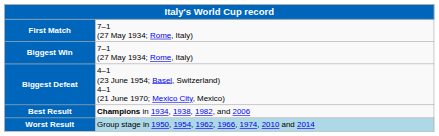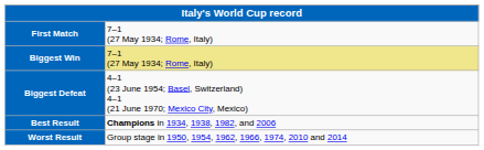 <table class="wikitable collapsible collapsed" style="width:35%; font-size:80%;">
 <tr>
 </tr>
 <tr>
 <th style="background:#0066bc; color:white" colspan="6"><big>Italy's World Cup record</big></th>
 </tr>
 <tr>
 <th style="background:#0066bc; color:white">First Match</th>
 <td> 7–1 <br> (27 May 1934; <a href='#'>Rome</a>, Italy)</td>
 </tr>
 <tr>
 <th style="background:#0066bc; color:white">Biggest Win</th>
-<td> 7–1 <br> (27 May 1934; <a href='#'>Rome</a>, Italy)</td>
+<td style="background: khaki;"> 7–1 <br> (27 May 1934; <a href='#'>Rome</a>, Italy)</td>
 </tr>
 <tr>
 <th style="background:#0066bc; color:white">Biggest Defeat</th>
 <td> 4–1 <br> (23 June 1954; <a href='#'>Basel</a>, Switzerland)<br> 4–1 <br> (21 June 1970; <a href='#'>Mexico City</a>, Mexico)</td>
 </tr>
 <tr>
 <th style="background:#0066bc; color:white">Best Result</th>
 <td><strong>Champions</strong> in <a href='#'>1934</a>, <a href='#'>1938</a>, <a href='#'>1982</a>, and <a href='#'>2006</a></td>
 </tr>
 <tr>
 <th style="background:#0066bc; color:white">Worst Result</th>
-<td style="background: lightblue;">Group stage in <a href='#'>1950</a>, <a href='#'>1954</a>, <a href='#'>1962</a>, <a href='#'>1966</a>, <a href='#'>1974</a>, <a href='#'>2010</a> and <a href='#'>2014</a></td>
+<td>Group stage in <a href='#'>1950</a>, <a href='#'>1954</a>, <a href='#'>1962</a>, <a href='#'>1966</a>, <a href='#'>1974</a>, <a href='#'>2010</a> and <a href='#'>2014</a></td>
 </tr>
 </table>
